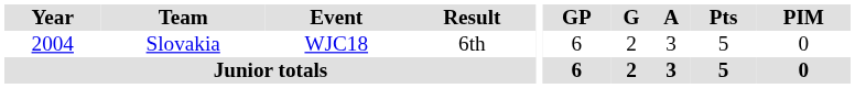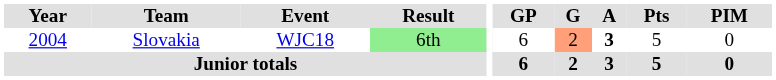 <table border="0" cellpadding="1" cellspacing="0" ID="Table3" style="text-align:center; width:40em">
 <tr ALIGN="center" bgcolor="#e0e0e0">
 <th>Year</th>
 <th>Team</th>
 <th>Event</th>
 <th>Result</th>
 <th rowspan="99" bgcolor="#ffffff"></th>
 <th>GP</th>
 <th>G</th>
 <th>A</th>
 <th>Pts</th>
 <th>PIM</th>
 </tr>
 <tr>
 <td><a href='#'>2004</a></td>
 <td><a href='#'>Slovakia</a></td>
 <td><a href='#'>WJC18</a></td>
-<td>6th</td>
+<td style="background: lightgreen;">6th</td>
 <td>6</td>
-<td>2</td>
-<td>3</td>
+<td style="background: lightsalmon;">2</td>
+<td><strong>3</strong></td>
 <td>5</td>
 <td>0</td>
 </tr>
 <tr bgcolor="#e0e0e0">
 <th colspan="4">Junior totals</th>
 <th>6</th>
 <th>2</th>
 <th>3</th>
 <th>5</th>
 <th>0</th>
 </tr>
 </table>
